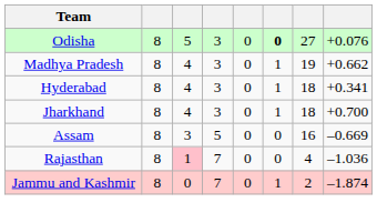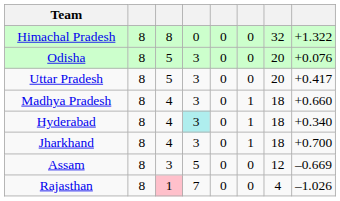 <table class="wikitable" style="text-align:center">
 <tr>
 <th style="width:140px;">Team</th>
 <th style="width:25px;"></th>
 <th style="width:25px;"></th>
 <th style="width:25px;"></th>
 <th style="width:25px;"></th>
 <th style="width:25px;"></th>
 <th style="width:25px;"></th>
 <th style="width:40px;"></th>
 </tr>
 <tr style="background:#cfc;">
+<td><a href='#'>Himachal Pradesh</a></td>
+<td>8</td>
+<td>8</td>
+<td>0</td>
+<td>0</td>
+<td>0</td>
+<td>32</td>
+<td>+1.322</td>
+</tr>
+<tr style="background:#cfc;">
 <td><a href='#'>Odisha</a></td>
 <td>8</td>
 <td>5</td>
 <td>3</td>
 <td>0</td>
-<td><strong>0</strong></td>
-<td>27</td>
+<td>0</td>
+<td>20</td>
 <td>+0.076</td>
+</tr>
+<tr>
+<td><a href='#'>Uttar Pradesh</a></td>
+<td>8</td>
+<td>5</td>
+<td>3</td>
+<td>0</td>
+<td>0</td>
+<td>20</td>
+<td>+0.417</td>
 </tr>
 <tr>
 <td><a href='#'>Madhya Pradesh</a></td>
 <td>8</td>
 <td>4</td>
 <td>3</td>
 <td>0</td>
 <td>1</td>
-<td>19</td>
-<td>+0.662</td>
+<td>18</td>
+<td>+0.660</td>
 </tr>
 <tr>
 <td><a href='#'>Hyderabad</a></td>
 <td>8</td>
 <td>4</td>
-<td>3</td>
+<td style="background: paleturquoise;">3</td>
 <td>0</td>
 <td>1</td>
 <td>18</td>
-<td>+0.341</td>
+<td>+0.340</td>
 </tr>
 <tr>
 <td><a href='#'>Jharkhand</a></td>
 <td>8</td>
 <td>4</td>
 <td>3</td>
 <td>0</td>
 <td>1</td>
 <td>18</td>
 <td>+0.700</td>
 </tr>
 <tr>
 <td><a href='#'>Assam</a></td>
 <td>8</td>
 <td>3</td>
 <td>5</td>
 <td>0</td>
 <td>0</td>
-<td>16</td>
+<td>12</td>
 <td>–0.669</td>
 </tr>
 <tr>
 <td><a href='#'>Rajasthan</a></td>
 <td>8</td>
 <td style="background: pink;">1</td>
 <td>7</td>
 <td>0</td>
 <td>0</td>
 <td>4</td>
-<td>–1.036</td>
-</tr>
-<tr style="background:#fcc">
-<td><a href='#'>Jammu and Kashmir</a></td>
-<td>8</td>
-<td>0</td>
-<td>7</td>
-<td>0</td>
-<td>1</td>
-<td>2</td>
-<td>–1.874</td>
+<td>–1.026</td>
 </tr>
 </table>
